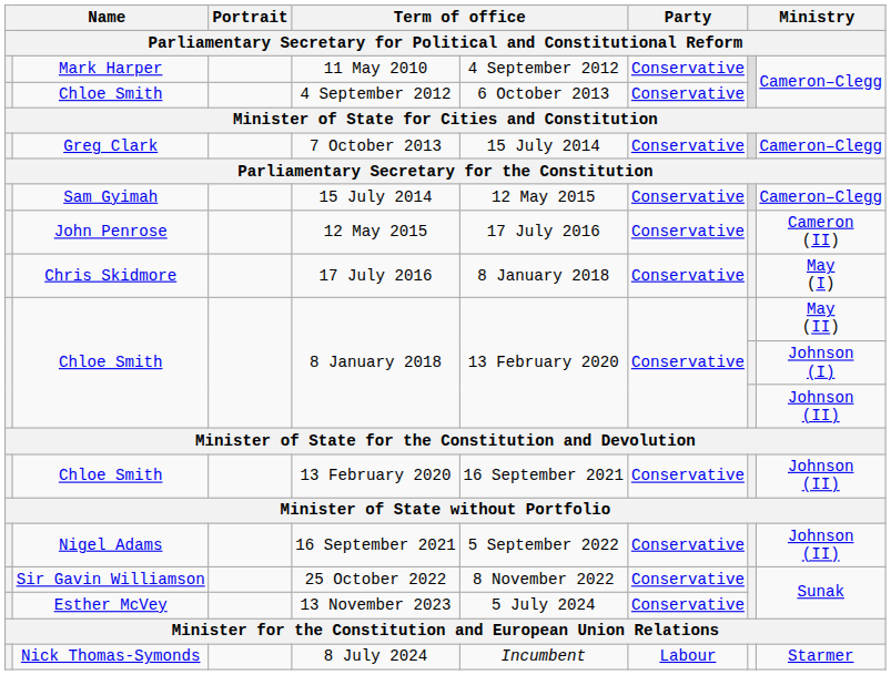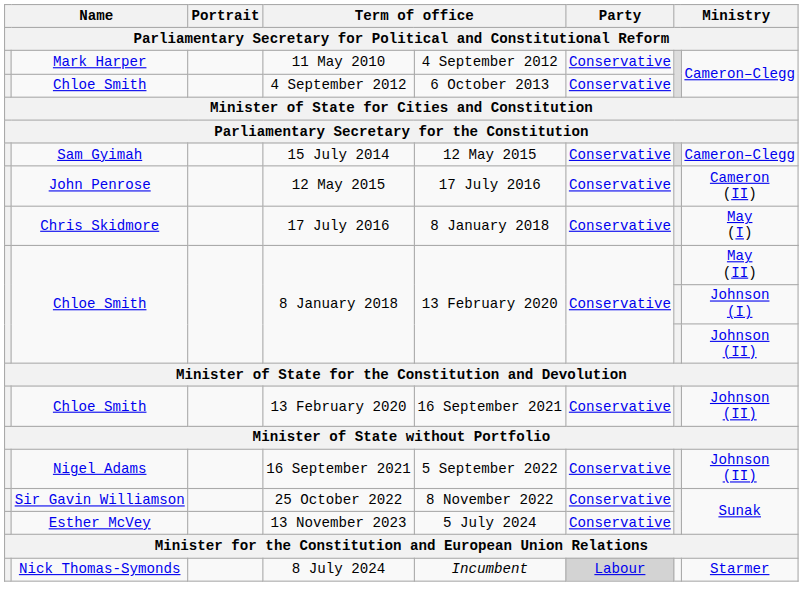 <table class="wikitable" style="text-align:center">
 <tr>
 <th colspan=2>Name</th>
 <th>Portrait</th>
 <th colspan=2>Term of office</th>
 <th>Party</th>
 <th colspan=2>Ministry</th>
 </tr>
 <tr>
 <th colspan="8">Parliamentary Secretary for Political and Constitutional Reform</th>
 </tr>
 <tr>
 <th style="background-color: "></th>
 <td><a href='#'>Mark Harper</a></td>
 <td></td>
 <td>11 May 2010</td>
 <td>4 September 2012</td>
 <td><a href='#'>Conservative</a></td>
 <th rowspan=2 style="background-color:#ddd"></th>
 <td rowspan=2><a href='#'>Cameron–Clegg</a></td>
 </tr>
 <tr>
 <th style="background-color: "></th>
 <td><a href='#'>Chloe Smith</a></td>
 <td></td>
 <td>4 September 2012</td>
 <td>6 October 2013</td>
 <td><a href='#'>Conservative</a></td>
 </tr>
 <tr>
 <th colspan="8">Minister of State for Cities and Constitution</th>
-</tr>
-<tr>
-<th style="background-color: "></th>
-<td><a href='#'>Greg Clark</a></td>
-<td></td>
-<td>7 October 2013</td>
-<td>15 July 2014</td>
-<td><a href='#'>Conservative</a></td>
-<th style="background-color:#ddd"></th>
-<td><a href='#'>Cameron–Clegg</a></td>
 </tr>
 <tr>
 <th colspan="8">Parliamentary Secretary for the Constitution</th>
 </tr>
 <tr>
 <th style="background-color: "></th>
 <td><a href='#'>Sam Gyimah</a></td>
 <td></td>
 <td>15 July 2014</td>
 <td>12 May 2015</td>
 <td><a href='#'>Conservative</a></td>
 <th style="background-color:#ddd"></th>
 <td><a href='#'>Cameron–Clegg</a></td>
 </tr>
 <tr>
 <th style="background-color: "></th>
 <td><a href='#'>John Penrose</a></td>
 <td></td>
 <td>12 May 2015</td>
 <td>17 July 2016</td>
 <td><a href='#'>Conservative</a></td>
 <th style="background-color: "></th>
 <td><a href='#'>Cameron</a><br>(<a href='#'>II</a>)</td>
 </tr>
 <tr>
 <th rowspan=2 style="background-color: "></th>
 <td rowspan=2><a href='#'>Chris Skidmore</a></td>
 <td rowspan=2></td>
 <td rowspan=2>17 July 2016</td>
 <td rowspan=2>8 January 2018</td>
 <td rowspan=2><a href='#'>Conservative</a></td>
 <th style="background-color: "></th>
 <td><a href='#'>May</a><br>(<a href='#'>I</a>)</td>
 </tr>
 <tr>
 <th rowspan=2 style="background-color: "></th>
 <td rowspan=2><a href='#'>May</a><br>(<a href='#'>II</a>)</td>
 </tr>
 <tr>
 <th rowspan=3 style="background-color: "></th>
 <td rowspan=3><a href='#'>Chloe Smith</a></td>
 <td rowspan=3></td>
 <td rowspan=3>8 January 2018</td>
 <td rowspan=3>13 February 2020</td>
 <td rowspan=3><a href='#'>Conservative</a></td>
 </tr>
 <tr>
 <th style="background-color: "></th>
 <td><a href='#'>Johnson</a><br><a href='#'>(I)</a></td>
 </tr>
 <tr>
 <th style="background-color: "></th>
 <td><a href='#'>Johnson</a><br><a href='#'>(II)</a></td>
 </tr>
 <tr>
 <th colspan="8">Minister of State for the Constitution and Devolution</th>
 </tr>
 <tr>
 <th style="background-color: "></th>
 <td><a href='#'>Chloe Smith</a></td>
 <td></td>
 <td>13 February 2020</td>
 <td>16 September 2021</td>
 <td><a href='#'>Conservative</a></td>
 <th style="background-color: "></th>
 <td><a href='#'>Johnson</a><br><a href='#'>(II)</a></td>
 </tr>
 <tr>
 <th colspan="8">Minister of State without Portfolio</th>
 </tr>
 <tr>
 <th style="background-color: "></th>
 <td><a href='#'>Nigel Adams</a></td>
 <td></td>
 <td>16 September 2021</td>
 <td>5 September  2022</td>
 <td><a href='#'>Conservative</a></td>
 <th style="background-color: "></th>
 <td><a href='#'>Johnson</a><br><a href='#'>(II)</a></td>
 </tr>
 <tr>
 <th style="background-color: "></th>
 <td><a href='#'>Sir Gavin Williamson</a></td>
 <td></td>
 <td>25 October 2022</td>
 <td>8 November 2022</td>
 <td><a href='#'>Conservative</a></td>
 <th rowspan=2 style="background-color: "></th>
 <td rowspan=2><a href='#'>Sunak</a></td>
 </tr>
 <tr>
 <th style="background-color: "></th>
 <td><a href='#'>Esther McVey</a></td>
 <td></td>
 <td>13 November 2023</td>
 <td>5 July 2024</td>
 <td><a href='#'>Conservative</a></td>
 </tr>
 <tr>
 <th colspan="8">Minister for the Constitution and European Union Relations</th>
 </tr>
 <tr>
 <th style="background-color: "></th>
 <td><a href='#'>Nick Thomas-Symonds</a></td>
 <td></td>
 <td>8 July 2024</td>
 <td><em>Incumbent</em></td>
-<td><a href='#'>Labour</a></td>
+<td style="background: lightgrey;"><a href='#'>Labour</a></td>
 <td style="background-color: "></td>
 <td><a href='#'>Starmer</a></td>
 </tr>
 </table>
